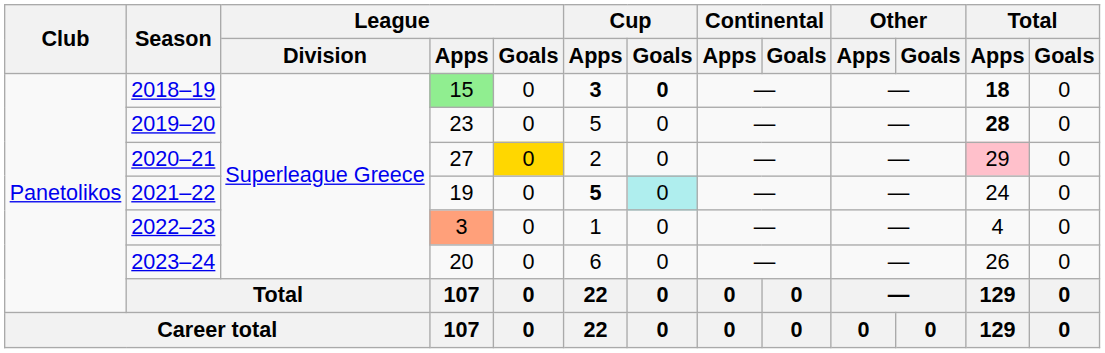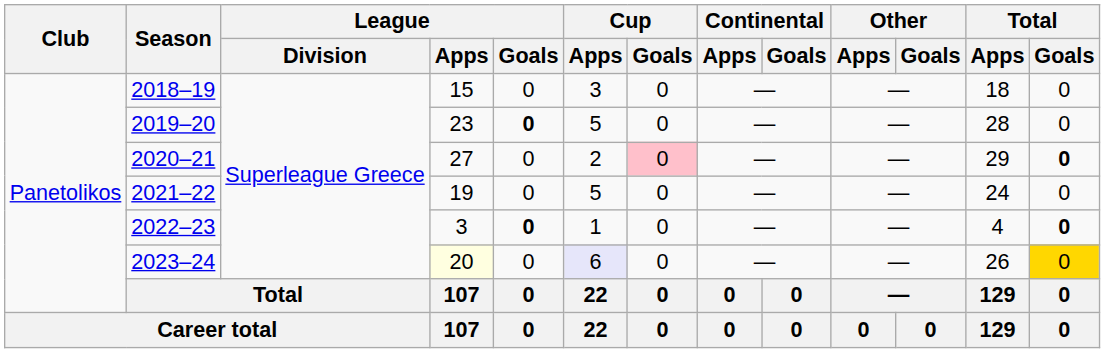 <table class="wikitable" style="text-align:center">
 <tr>
 <th rowspan=2>Club</th>
 <th rowspan=2>Season</th>
 <th colspan=3>League</th>
 <th colspan=2>Cup</th>
 <th colspan=2>Continental</th>
 <th colspan=2>Other</th>
 <th colspan=2>Total</th>
 </tr>
 <tr>
 <th>Division</th>
 <th>Apps</th>
 <th>Goals</th>
 <th>Apps</th>
 <th>Goals</th>
 <th>Apps</th>
 <th>Goals</th>
 <th>Apps</th>
 <th>Goals</th>
 <th>Apps</th>
 <th>Goals</th>
 </tr>
 <tr>
 <td rowspan="7"><a href='#'>Panetolikos</a></td>
 <td><a href='#'>2018–19</a></td>
 <td rowspan="6"><a href='#'>Superleague Greece</a></td>
-<td style="background: lightgreen;">15</td>
+<td>15</td>
 <td>0</td>
-<td><strong>3</strong></td>
-<td><strong>0</strong></td>
+<td>3</td>
+<td>0</td>
 <td colspan="2">—</td>
 <td colspan="2">—</td>
-<td><strong>18</strong></td>
+<td>18</td>
 <td>0</td>
 </tr>
 <tr>
 <td><a href='#'>2019–20</a></td>
 <td>23</td>
-<td>0</td>
+<td><strong>0</strong></td>
 <td>5</td>
 <td>0</td>
 <td colspan="2">—</td>
 <td colspan="2">—</td>
-<td><strong>28</strong></td>
+<td>28</td>
 <td>0</td>
 </tr>
 <tr>
 <td><a href='#'>2020–21</a></td>
 <td>27</td>
-<td style="background: gold;">0</td>
+<td>0</td>
 <td>2</td>
-<td>0</td>
+<td style="background: pink;">0</td>
 <td colspan="2">—</td>
 <td colspan="2">—</td>
-<td style="background: pink;">29</td>
-<td>0</td>
+<td>29</td>
+<td><strong>0</strong></td>
 </tr>
 <tr>
 <td><a href='#'>2021–22</a></td>
 <td>19</td>
 <td>0</td>
-<td><strong>5</strong></td>
-<td style="background: paleturquoise;">0</td>
+<td>5</td>
+<td>0</td>
 <td colspan="2">—</td>
 <td colspan="2">—</td>
 <td>24</td>
 <td>0</td>
 </tr>
 <tr>
 <td><a href='#'>2022–23</a></td>
-<td style="background: lightsalmon;">3</td>
-<td>0</td>
+<td>3</td>
+<td><strong>0</strong></td>
 <td>1</td>
 <td>0</td>
 <td colspan="2">—</td>
 <td colspan="2">—</td>
 <td>4</td>
-<td>0</td>
+<td><strong>0</strong></td>
 </tr>
 <tr>
 <td><a href='#'>2023–24</a></td>
-<td>20</td>
+<td style="background: lightyellow;">20</td>
 <td>0</td>
-<td>6</td>
+<td style="background: lavender;">6</td>
 <td>0</td>
 <td colspan="2">—</td>
 <td colspan="2">—</td>
 <td>26</td>
-<td>0</td>
+<td style="background: gold;">0</td>
 </tr>
 <tr>
 <th colspan="2">Total</th>
 <th>107</th>
 <th>0</th>
 <th>22</th>
 <th>0</th>
 <th>0</th>
 <th>0</th>
 <th colspan="2">—</th>
 <th>129</th>
 <th>0</th>
 </tr>
 <tr>
 <th colspan="3">Career total</th>
 <th>107</th>
 <th>0</th>
 <th>22</th>
 <th>0</th>
 <th>0</th>
 <th>0</th>
 <th>0</th>
 <th>0</th>
 <th>129</th>
 <th>0</th>
 </tr>
 </table>
